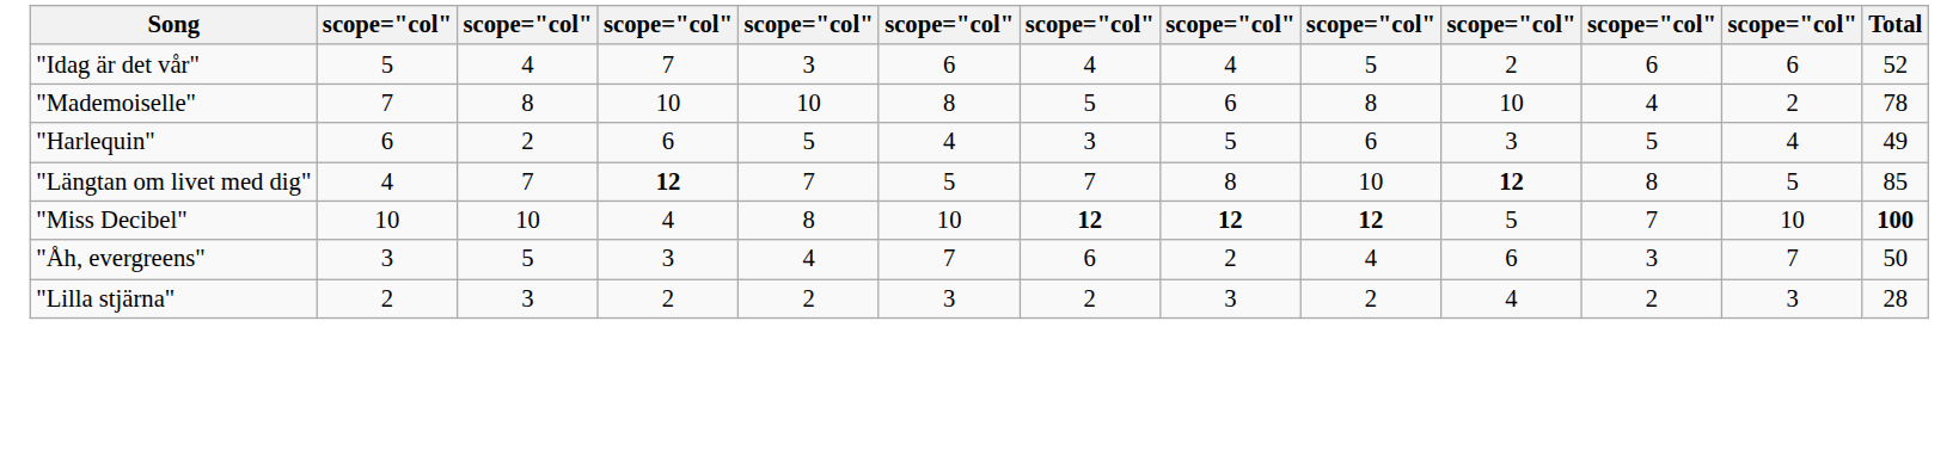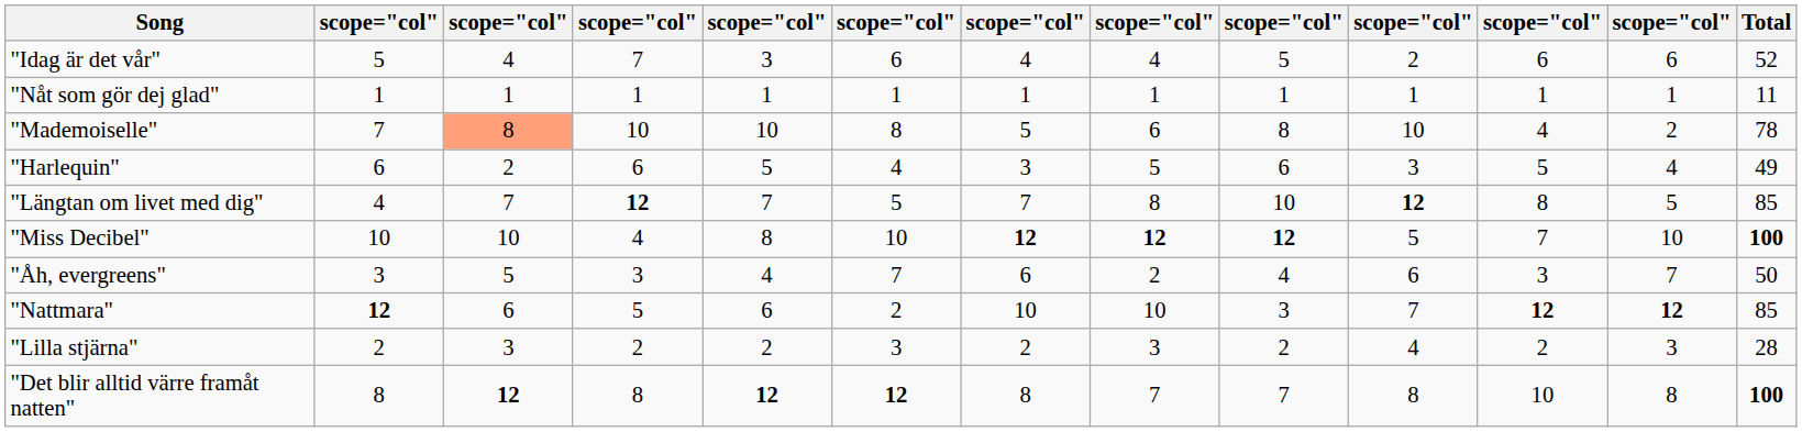 <table class="wikitable plainrowheaders" style="margin: 1em auto 1em auto; text-align:center;">
 <tr>
 <th scope="col">Song</th>
 <th>scope="col" </th>
 <th>scope="col" </th>
 <th>scope="col" </th>
 <th>scope="col" </th>
 <th>scope="col" </th>
 <th>scope="col" </th>
 <th>scope="col" </th>
 <th>scope="col" </th>
 <th>scope="col" </th>
 <th>scope="col" </th>
 <th>scope="col" </th>
 <th scope="col">Total</th>
 </tr>
 <tr --->
 <td align="left">"Idag är det vår"</td>
 <td>5</td>
 <td>4</td>
 <td>7</td>
 <td>3</td>
 <td>6</td>
 <td>4</td>
 <td>4</td>
 <td>5</td>
 <td>2</td>
 <td>6</td>
 <td>6</td>
 <td>52</td>
 </tr>
 <tr --->
+<td align="left">"Nåt som gör dej glad"</td>
+<td>1</td>
+<td>1</td>
+<td>1</td>
+<td>1</td>
+<td>1</td>
+<td>1</td>
+<td>1</td>
+<td>1</td>
+<td>1</td>
+<td>1</td>
+<td>1</td>
+<td>11</td>
+</tr>
+<tr --->
 <td align="left">"Mademoiselle"</td>
 <td>7</td>
-<td>8</td>
+<td style="background: lightsalmon;">8</td>
 <td>10</td>
 <td>10</td>
 <td>8</td>
 <td>5</td>
 <td>6</td>
 <td>8</td>
 <td>10</td>
 <td>4</td>
 <td>2</td>
 <td>78</td>
 </tr>
 <tr --->
 <td align="left">"Harlequin"</td>
 <td>6</td>
 <td>2</td>
 <td>6</td>
 <td>5</td>
 <td>4</td>
 <td>3</td>
 <td>5</td>
 <td>6</td>
 <td>3</td>
 <td>5</td>
 <td>4</td>
 <td>49</td>
 </tr>
 <tr --->
 <td align="left">"Längtan om livet med dig"</td>
 <td>4</td>
 <td>7</td>
 <td><strong>12</strong></td>
 <td>7</td>
 <td>5</td>
 <td>7</td>
 <td>8</td>
 <td>10</td>
 <td><strong>12</strong></td>
 <td>8</td>
 <td>5</td>
 <td>85</td>
 </tr>
 <tr --->
 <td align="left">"Miss Decibel"</td>
 <td>10</td>
 <td>10</td>
 <td>4</td>
 <td>8</td>
 <td>10</td>
 <td><strong>12</strong></td>
 <td><strong>12</strong></td>
 <td><strong>12</strong></td>
 <td>5</td>
 <td>7</td>
 <td>10</td>
 <td><strong>100</strong></td>
 </tr>
 <tr --->
 <td align="left">"Åh, evergreens"</td>
 <td>3</td>
 <td>5</td>
 <td>3</td>
 <td>4</td>
 <td>7</td>
 <td>6</td>
 <td>2</td>
 <td>4</td>
 <td>6</td>
 <td>3</td>
 <td>7</td>
 <td>50</td>
 </tr>
 <tr --->
+<td align="left">"Nattmara"</td>
+<td><strong>12</strong></td>
+<td>6</td>
+<td>5</td>
+<td>6</td>
+<td>2</td>
+<td>10</td>
+<td>10</td>
+<td>3</td>
+<td>7</td>
+<td><strong>12</strong></td>
+<td><strong>12</strong></td>
+<td>85</td>
+</tr>
+<tr --->
 <td align="left">"Lilla stjärna"</td>
 <td>2</td>
 <td>3</td>
 <td>2</td>
 <td>2</td>
 <td>3</td>
 <td>2</td>
 <td>3</td>
 <td>2</td>
 <td>4</td>
 <td>2</td>
 <td>3</td>
 <td>28</td>
 </tr>
+<tr --->
+<td align="left">"Det blir alltid värre framåt natten"</td>
+<td>8</td>
+<td><strong>12</strong></td>
+<td>8</td>
+<td><strong>12</strong></td>
+<td><strong>12</strong></td>
+<td>8</td>
+<td>7</td>
+<td>7</td>
+<td>8</td>
+<td>10</td>
+<td>8</td>
+<td><strong>100</strong></td>
+</tr>
 </table>
